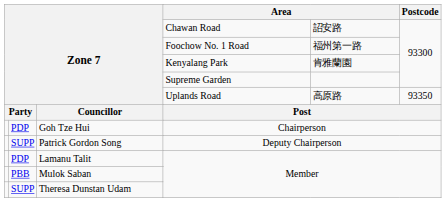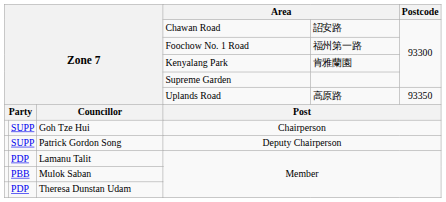 <table class="wikitable">
 <tr>
 <th width="220" colspan="4" rowspan="6"><br><h3>Zone 7</h3></th>
 <th ! align=center width="380" colspan="2">Area</th>
 <th align=center><strong>Postcode</strong></th>
 </tr>
 <tr>
 <td>Chawan Road</td>
 <td>詔安路</td>
 <td align=center rowspan="4">93300</td>
 </tr>
 <tr>
 <td>Foochow No. 1 Road</td>
 <td>福州第一路</td>
 </tr>
 <tr>
 <td>Kenyalang Park</td>
 <td>肯雅蘭園</td>
 </tr>
 <tr>
 <td>Supreme Garden</td>
 <td></td>
 </tr>
 <tr>
 <td>Uplands Road</td>
 <td>高原路</td>
 <td align=center>93350</td>
 </tr>
 <tr>
 <th colspan="2">Party</th>
 <th width="200" colspan="2">Councillor</th>
 <th colspan="3">Post</th>
 </tr>
 <tr>
 <td></td>
-<td><a href='#'>PDP</a></td>
+<td><a href='#'>SUPP</a></td>
 <td colspan="2">Goh Tze Hui</td>
 <td align=center colspan="3">Chairperson</td>
 </tr>
 <tr>
 <td></td>
 <td><a href='#'>SUPP</a></td>
 <td colspan="2">Patrick Gordon Song</td>
 <td align=center colspan="3">Deputy Chairperson</td>
 </tr>
 <tr>
 <td></td>
 <td><a href='#'>PDP</a></td>
 <td colspan="2">Lamanu Talit</td>
 <td align=center colspan="3" rowspan="3">Member</td>
 </tr>
 <tr>
 <td></td>
 <td><a href='#'>PBB</a></td>
 <td colspan="2">Mulok Saban</td>
 </tr>
 <tr>
 <td></td>
-<td><a href='#'>SUPP</a></td>
+<td><a href='#'>PDP</a></td>
 <td colspan="2">Theresa Dunstan Udam</td>
 </tr>
 </table>
